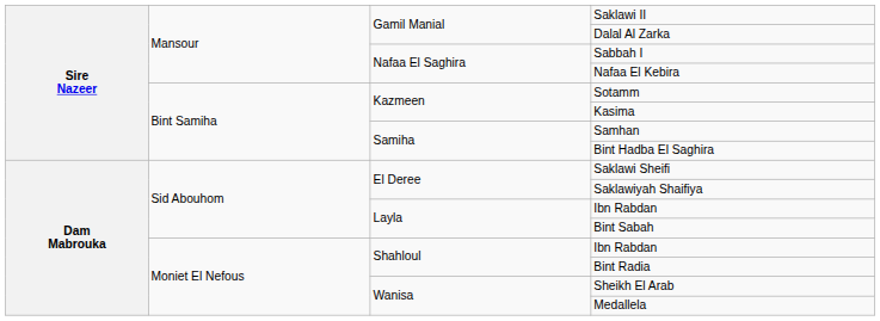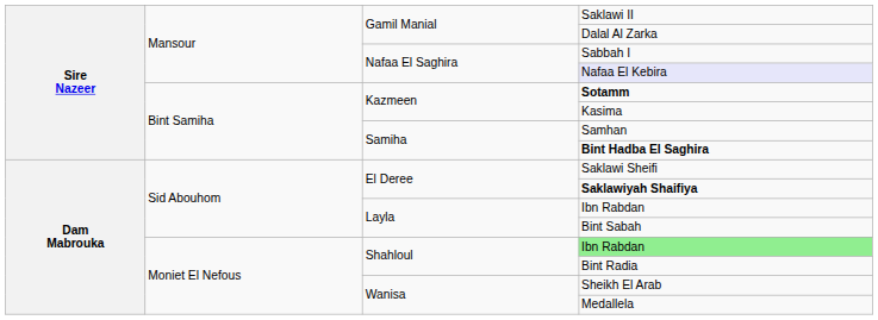 <table class="wikitable" style="clear:both; margin:0em auto; width:90%;">
 <tr>
 <th rowspan="8">Sire<br><a href='#'>Nazeer</a></th>
 <td rowspan="4">Mansour</td>
 <td rowspan="2">Gamil Manial</td>
 <td>Saklawi II</td>
 </tr>
 <tr>
 <td>Dalal Al Zarka</td>
 </tr>
 <tr>
 <td rowspan="2">Nafaa El Saghira</td>
 <td>Sabbah I</td>
 </tr>
 <tr>
-<td>Nafaa El Kebira</td>
+<td style="background: lavender;">Nafaa El Kebira</td>
 </tr>
 <tr>
 <td rowspan="4">Bint Samiha</td>
 <td rowspan="2">Kazmeen</td>
-<td>Sotamm</td>
+<td><strong>Sotamm</strong></td>
 </tr>
 <tr>
 <td>Kasima</td>
 </tr>
 <tr>
 <td rowspan="2">Samiha</td>
 <td>Samhan</td>
 </tr>
 <tr>
-<td>Bint Hadba El Saghira</td>
+<td><strong>Bint Hadba El Saghira</strong></td>
 </tr>
 <tr>
 <th rowspan="8">Dam<br>Mabrouka</th>
 <td rowspan="4">Sid Abouhom</td>
 <td rowspan="2">El Deree</td>
 <td>Saklawi Sheifi</td>
 </tr>
 <tr>
-<td>Saklawiyah Shaifiya</td>
+<td><strong>Saklawiyah Shaifiya</strong></td>
 </tr>
 <tr>
 <td rowspan="2">Layla</td>
 <td>Ibn Rabdan</td>
 </tr>
 <tr>
 <td>Bint Sabah</td>
 </tr>
 <tr>
 <td rowspan="4">Moniet El Nefous</td>
 <td rowspan="2">Shahloul</td>
-<td>Ibn Rabdan</td>
+<td style="background: lightgreen;">Ibn Rabdan</td>
 </tr>
 <tr>
 <td>Bint Radia</td>
 </tr>
 <tr>
 <td rowspan="2">Wanisa</td>
 <td>Sheikh El Arab</td>
 </tr>
 <tr>
 <td>Medallela</td>
 </tr>
 </table>
